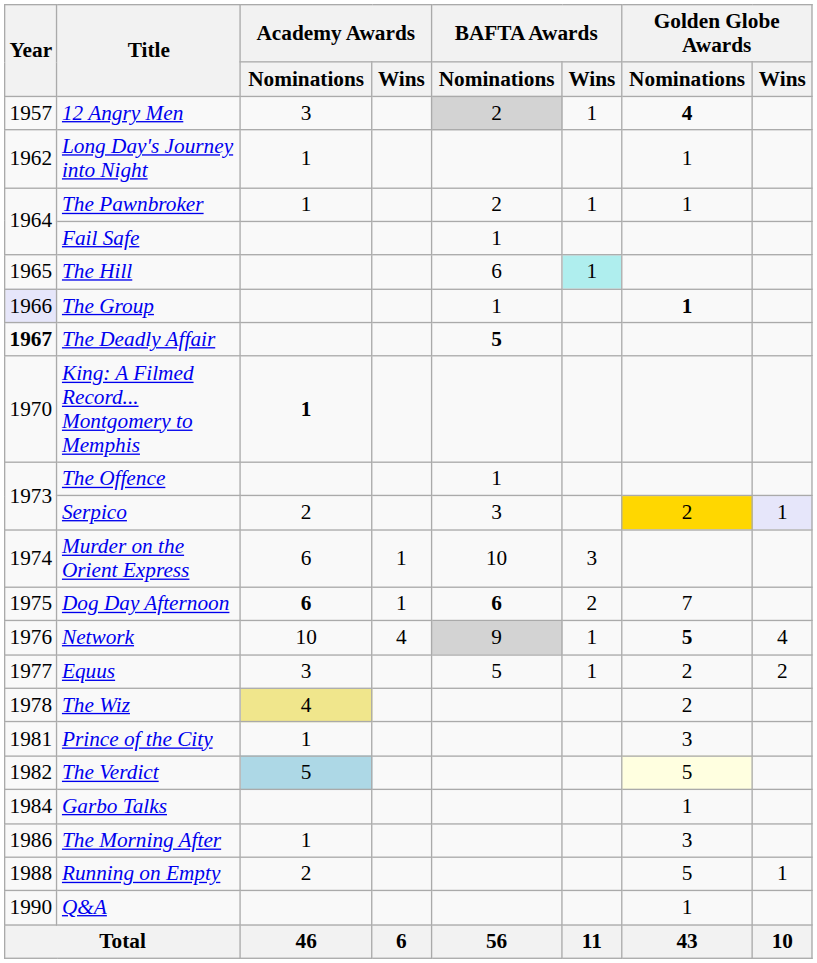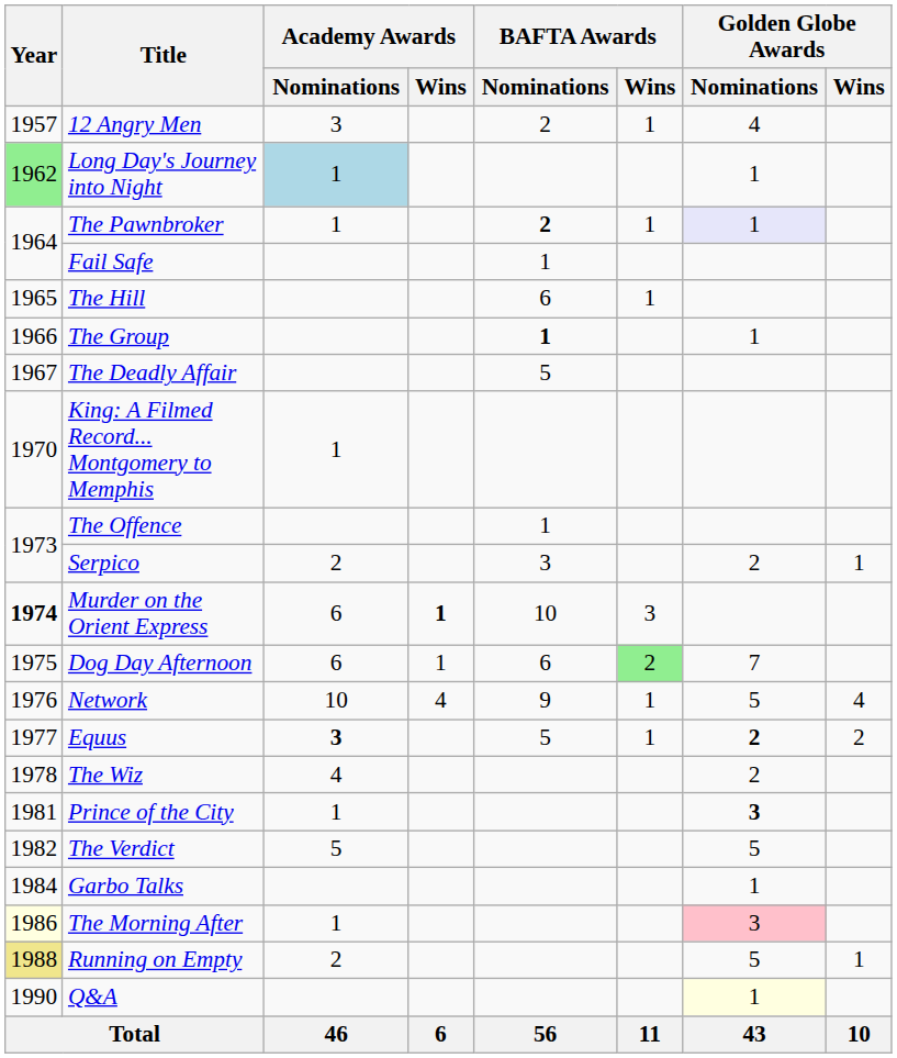 <table class="wikitable">
 <tr>
 <th rowspan="2">Year</th>
 <th rowspan="2">Title</th>
 <th colspan="2" style="text-align:center;" width=160>Academy Awards</th>
 <th colspan="2" style="text-align:center;" width=160>BAFTA Awards</th>
 <th colspan="2" style="text-align:center;" width=160>Golden Globe Awards</th>
 </tr>
 <tr>
 <th>Nominations</th>
 <th>Wins</th>
 <th>Nominations</th>
 <th>Wins</th>
 <th>Nominations</th>
 <th>Wins</th>
 </tr>
 <tr>
 <td>1957</td>
 <td><em><a href='#'>12 Angry Men</a></em></td>
 <td align=center>3</td>
 <td align=center></td>
-<td align=center style="background: lightgrey;">2</td>
+<td align=center>2</td>
 <td align=center>1</td>
-<td align=center><strong>4</strong></td>
+<td align=center>4</td>
 <td align=center></td>
 </tr>
 <tr>
-<td>1962</td>
+<td style="background: lightgreen;">1962</td>
 <td><em><a href='#'>Long Day's Journey into Night</a></em></td>
-<td align=center>1</td>
+<td align=center style="background: lightblue;">1</td>
 <td align=center></td>
 <td align=center></td>
 <td align=center></td>
 <td align=center>1</td>
 <td align=center></td>
 </tr>
 <tr>
 <td rowspan=2>1964</td>
 <td><em><a href='#'>The Pawnbroker</a></em></td>
 <td align=center>1</td>
 <td align=center></td>
-<td align=center>2</td>
+<td align=center><strong>2</strong></td>
 <td align=center>1</td>
-<td align=center>1</td>
+<td align=center style="background: lavender;">1</td>
 <td align=center></td>
 </tr>
 <tr>
 <td><em><a href='#'>Fail Safe</a></em></td>
 <td align=center></td>
 <td align=center></td>
 <td align=center>1</td>
 <td align=center></td>
 <td align=center></td>
 <td align=center></td>
 </tr>
 <tr>
 <td>1965</td>
 <td><em><a href='#'>The Hill</a></em></td>
 <td align=center></td>
 <td align=center></td>
 <td align=center>6</td>
-<td align=center style="background: paleturquoise;">1</td>
+<td align=center>1</td>
 <td align=center></td>
 <td align=center></td>
 </tr>
 <tr>
-<td style="background: lavender;">1966</td>
+<td>1966</td>
 <td><em><a href='#'>The Group</a></em></td>
 <td align=center></td>
 <td align=center></td>
+<td align=center><strong>1</strong></td>
+<td align=center></td>
 <td align=center>1</td>
-<td align=center></td>
-<td align=center><strong>1</strong></td>
 <td align=center></td>
 </tr>
 <tr>
-<td><strong>1967</strong></td>
+<td>1967</td>
 <td><em><a href='#'>The Deadly Affair</a></em></td>
 <td align=center></td>
 <td align=center></td>
-<td align=center><strong>5</strong></td>
+<td align=center>5</td>
 <td align=center></td>
 <td align=center></td>
 <td align=center></td>
 </tr>
 <tr>
 <td>1970</td>
 <td><em><a href='#'>King: A Filmed Record... Montgomery to Memphis</a></em></td>
-<td align=center><strong>1</strong></td>
+<td align=center>1</td>
 <td align=center></td>
 <td align=center></td>
 <td align=center></td>
 <td align=center></td>
 <td align=center></td>
 </tr>
 <tr>
 <td rowspan=2>1973</td>
 <td><em><a href='#'>The Offence</a></em></td>
 <td align=center></td>
 <td align=center></td>
 <td align=center>1</td>
 <td align=center></td>
 <td align=center></td>
 <td align=center></td>
 </tr>
 <tr>
 <td><em><a href='#'>Serpico</a></em></td>
 <td align=center>2</td>
 <td align=center></td>
 <td align=center>3</td>
 <td align=center></td>
-<td align=center style="background: gold;">2</td>
-<td align=center style="background: lavender;">1</td>
+<td align=center>2</td>
+<td align=center>1</td>
 </tr>
 <tr>
-<td>1974</td>
+<td><strong>1974</strong></td>
 <td><em><a href='#'>Murder on the Orient Express</a></em></td>
 <td align=center>6</td>
-<td align=center>1</td>
+<td align=center><strong>1</strong></td>
 <td align=center>10</td>
 <td align=center>3</td>
 <td align=center></td>
 <td align=center></td>
 </tr>
 <tr>
 <td>1975</td>
 <td><em><a href='#'>Dog Day Afternoon</a></em></td>
-<td align=center><strong>6</strong></td>
+<td align=center>6</td>
 <td align=center>1</td>
-<td align=center><strong>6</strong></td>
-<td align=center>2</td>
+<td align=center>6</td>
+<td align=center style="background: lightgreen;">2</td>
 <td align=center>7</td>
 <td align=center></td>
 </tr>
 <tr>
 <td>1976</td>
 <td><em><a href='#'>Network</a></em></td>
 <td align=center>10</td>
 <td align=center>4</td>
-<td align=center style="background: lightgrey;">9</td>
+<td align=center>9</td>
 <td align=center>1</td>
-<td align=center><strong>5</strong></td>
+<td align=center>5</td>
 <td align=center>4</td>
 </tr>
 <tr>
 <td>1977</td>
 <td><em><a href='#'>Equus</a></em></td>
-<td align=center>3</td>
+<td align=center><strong>3</strong></td>
 <td></td>
 <td align=center>5</td>
 <td align=center>1</td>
-<td align=center>2</td>
+<td align=center><strong>2</strong></td>
 <td align=center>2</td>
 </tr>
 <tr>
 <td>1978</td>
 <td><em><a href='#'>The Wiz</a></em></td>
-<td align=center style="background: khaki;">4</td>
+<td align=center>4</td>
 <td></td>
 <td align=center></td>
 <td align=center></td>
 <td align=center>2</td>
 <td align=center></td>
 </tr>
 <tr>
 <td>1981</td>
 <td><em><a href='#'>Prince of the City</a></em></td>
 <td align=center>1</td>
 <td></td>
 <td align=center></td>
 <td align=center></td>
-<td align=center>3</td>
+<td align=center><strong>3</strong></td>
 <td align=center></td>
 </tr>
 <tr>
 <td>1982</td>
 <td><em><a href='#'>The Verdict</a></em></td>
-<td align=center style="background: lightblue;">5</td>
+<td align=center>5</td>
 <td></td>
 <td align=center></td>
 <td align=center></td>
-<td align=center style="background: lightyellow;">5</td>
+<td align=center>5</td>
 <td align=center></td>
 </tr>
 <tr>
 <td>1984</td>
 <td><em><a href='#'>Garbo Talks</a></em></td>
 <td align=center></td>
 <td></td>
 <td align=center></td>
 <td align=center></td>
 <td align=center>1</td>
 <td align=center></td>
 </tr>
 <tr>
-<td>1986</td>
+<td style="background: lightyellow;">1986</td>
 <td><em><a href='#'>The Morning After</a></em></td>
 <td align=center>1</td>
 <td></td>
 <td align=center></td>
 <td align=center></td>
-<td align=center>3</td>
+<td align=center style="background: pink;">3</td>
 <td align=center></td>
 </tr>
 <tr>
-<td>1988</td>
+<td style="background: khaki;">1988</td>
 <td><em><a href='#'>Running on Empty</a></em></td>
 <td align=center>2</td>
 <td></td>
 <td align=center></td>
 <td align=center></td>
 <td align=center>5</td>
 <td align=center>1</td>
 </tr>
 <tr>
 <td>1990</td>
 <td><em><a href='#'>Q&A</a></em></td>
 <td align=center></td>
 <td></td>
 <td align=center></td>
 <td align=center></td>
-<td align=center>1</td>
+<td align=center style="background: lightyellow;">1</td>
 <td align=center></td>
 </tr>
 <tr>
 <th colspan="2"><strong>Total</strong></th>
 <th align=center>46</th>
 <th align=center>6</th>
 <th align=center>56</th>
 <th align=center>11</th>
 <th align=center>43</th>
 <th align=center>10</th>
 </tr>
 </table>
